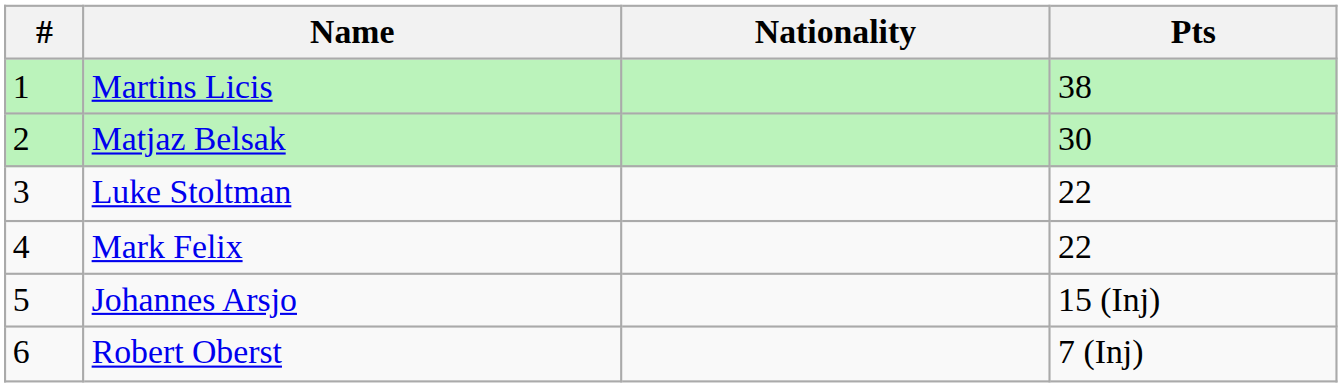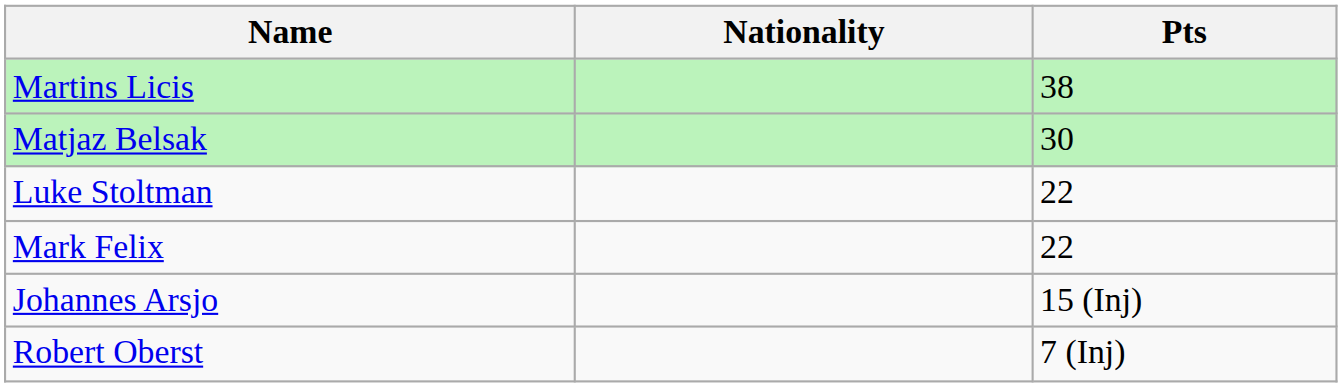 <table class="wikitable" style="display: inline-table; width: 50%;">
 <tr>
-<th>#</th>
 <th>Name</th>
 <th>Nationality</th>
 <th>Pts</th>
 </tr>
 <tr bgcolor=bbf3bb>
-<td>1</td>
 <td><a href='#'>Martins Licis</a></td>
 <td></td>
 <td>38</td>
 </tr>
 <tr bgcolor=bbf3bb>
-<td>2</td>
 <td><a href='#'>Matjaz Belsak</a></td>
 <td></td>
 <td>30</td>
 </tr>
 <tr>
-<td>3</td>
 <td><a href='#'>Luke Stoltman</a></td>
 <td></td>
 <td>22</td>
 </tr>
 <tr>
-<td>4</td>
 <td><a href='#'>Mark Felix</a></td>
 <td></td>
 <td>22</td>
 </tr>
 <tr>
-<td>5</td>
 <td><a href='#'>Johannes Arsjo</a></td>
 <td></td>
 <td>15 (Inj)</td>
 </tr>
 <tr>
-<td>6</td>
 <td><a href='#'>Robert Oberst</a></td>
 <td></td>
 <td>7 (Inj)</td>
 </tr>
 </table>
